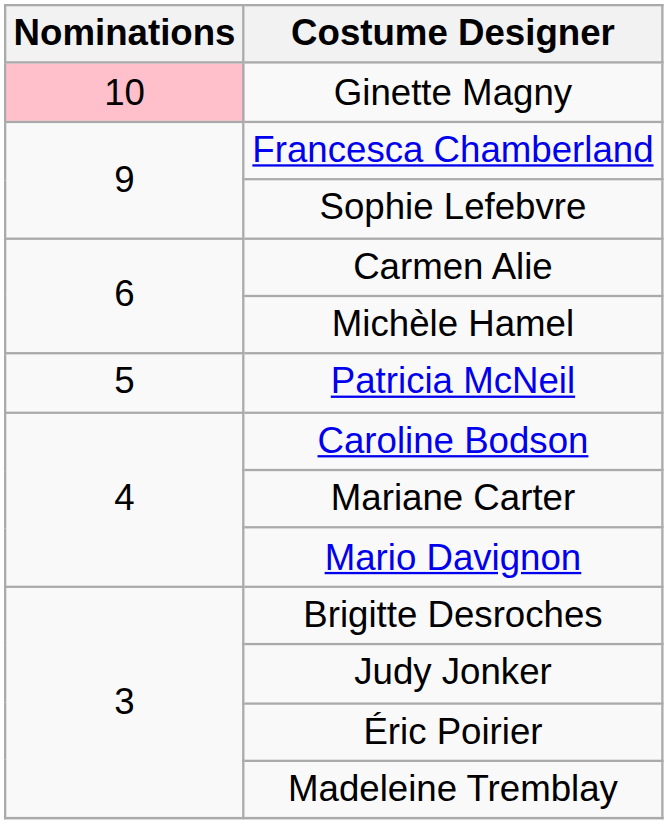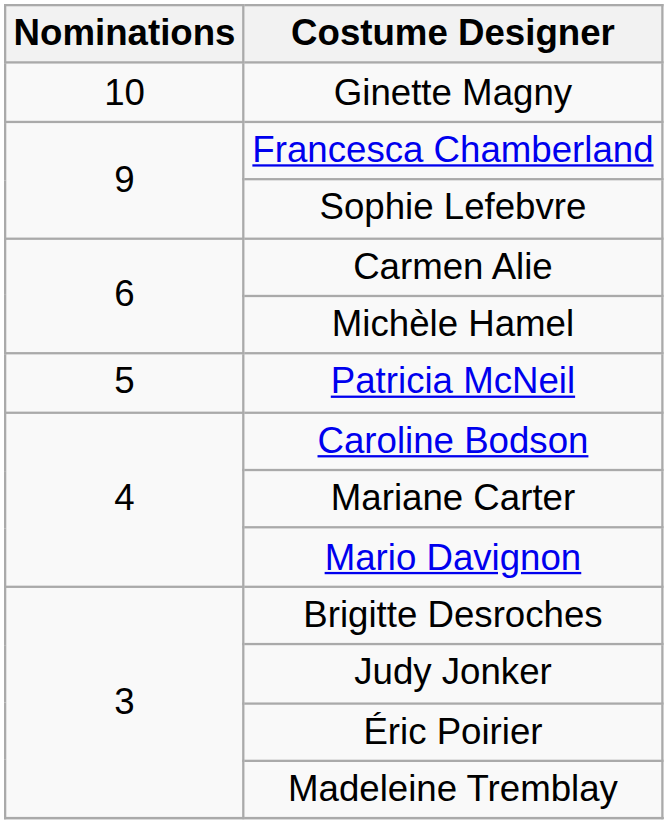 <table class="wikitable" style="text-align:center;">
 <tr>
 <th scope="col" width="17">Nominations</th>
 <th scope="col" align="center">Costume Designer</th>
 </tr>
 <tr>
-<td rowspan="1" style="background: pink; text-align:center;">10</td>
+<td rowspan="1" style="text-align:center;">10</td>
 <td>Ginette Magny</td>
 </tr>
 <tr>
 <td rowspan="2" style="text-align:center;">9</td>
 <td><a href='#'>Francesca Chamberland</a></td>
 </tr>
 <tr>
 <td>Sophie Lefebvre</td>
 </tr>
 <tr>
 <td rowspan="2" style="text-align:center;">6</td>
 <td>Carmen Alie</td>
 </tr>
 <tr>
 <td>Michèle Hamel</td>
 </tr>
 <tr>
 <td rowspan="1" style="text-align:center;">5</td>
 <td><a href='#'>Patricia McNeil</a></td>
 </tr>
 <tr>
 <td rowspan="3" style="text-align:center;">4</td>
 <td><a href='#'>Caroline Bodson</a></td>
 </tr>
 <tr>
 <td>Mariane Carter</td>
 </tr>
 <tr>
 <td><a href='#'>Mario Davignon</a></td>
 </tr>
 <tr>
 <td rowspan="4" style="text-align:center;">3</td>
 <td>Brigitte Desroches</td>
 </tr>
 <tr>
 <td>Judy Jonker</td>
 </tr>
 <tr>
 <td>Éric Poirier</td>
 </tr>
 <tr>
 <td>Madeleine Tremblay</td>
 </tr>
 <tr>
 </tr>
 </table>
